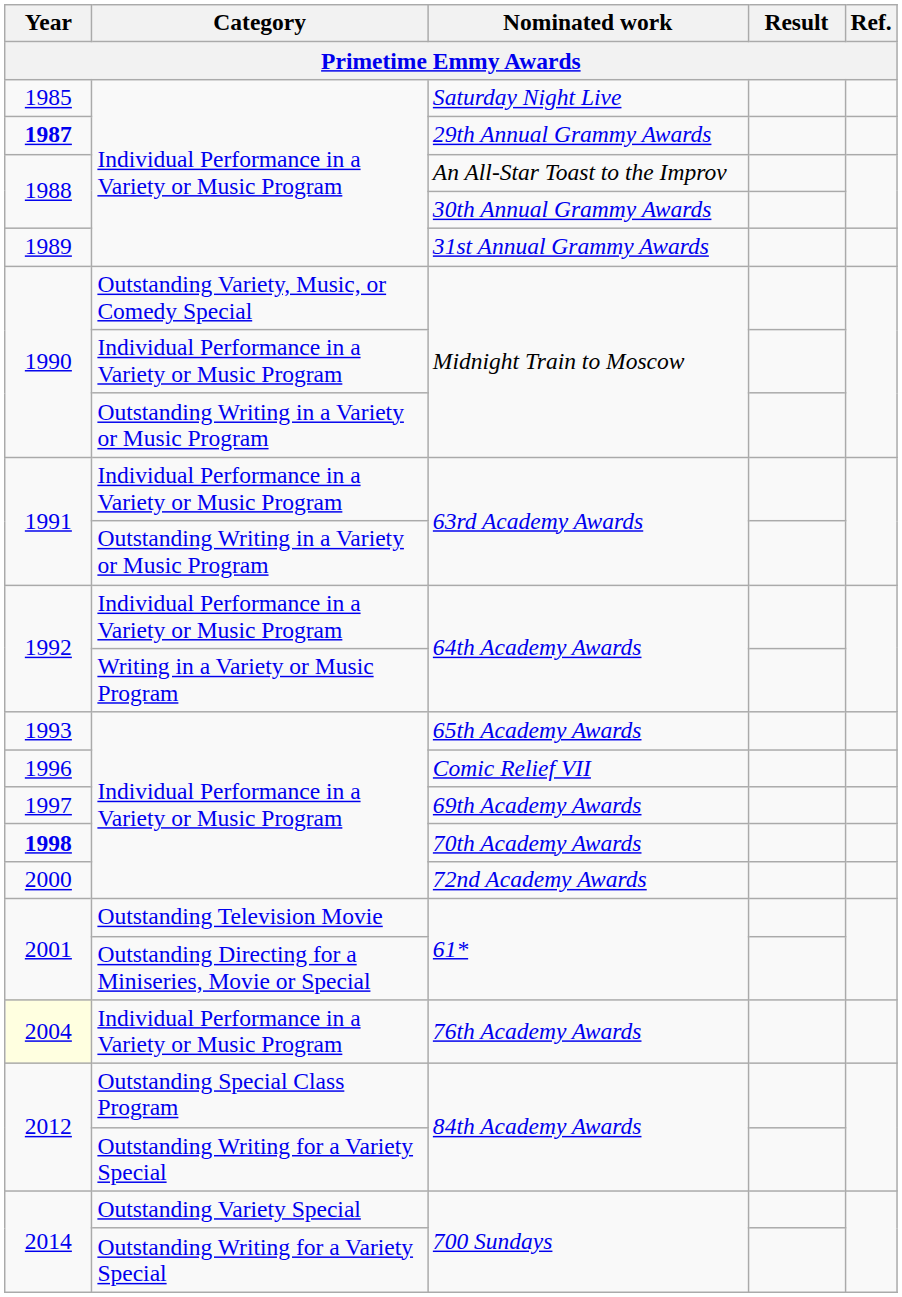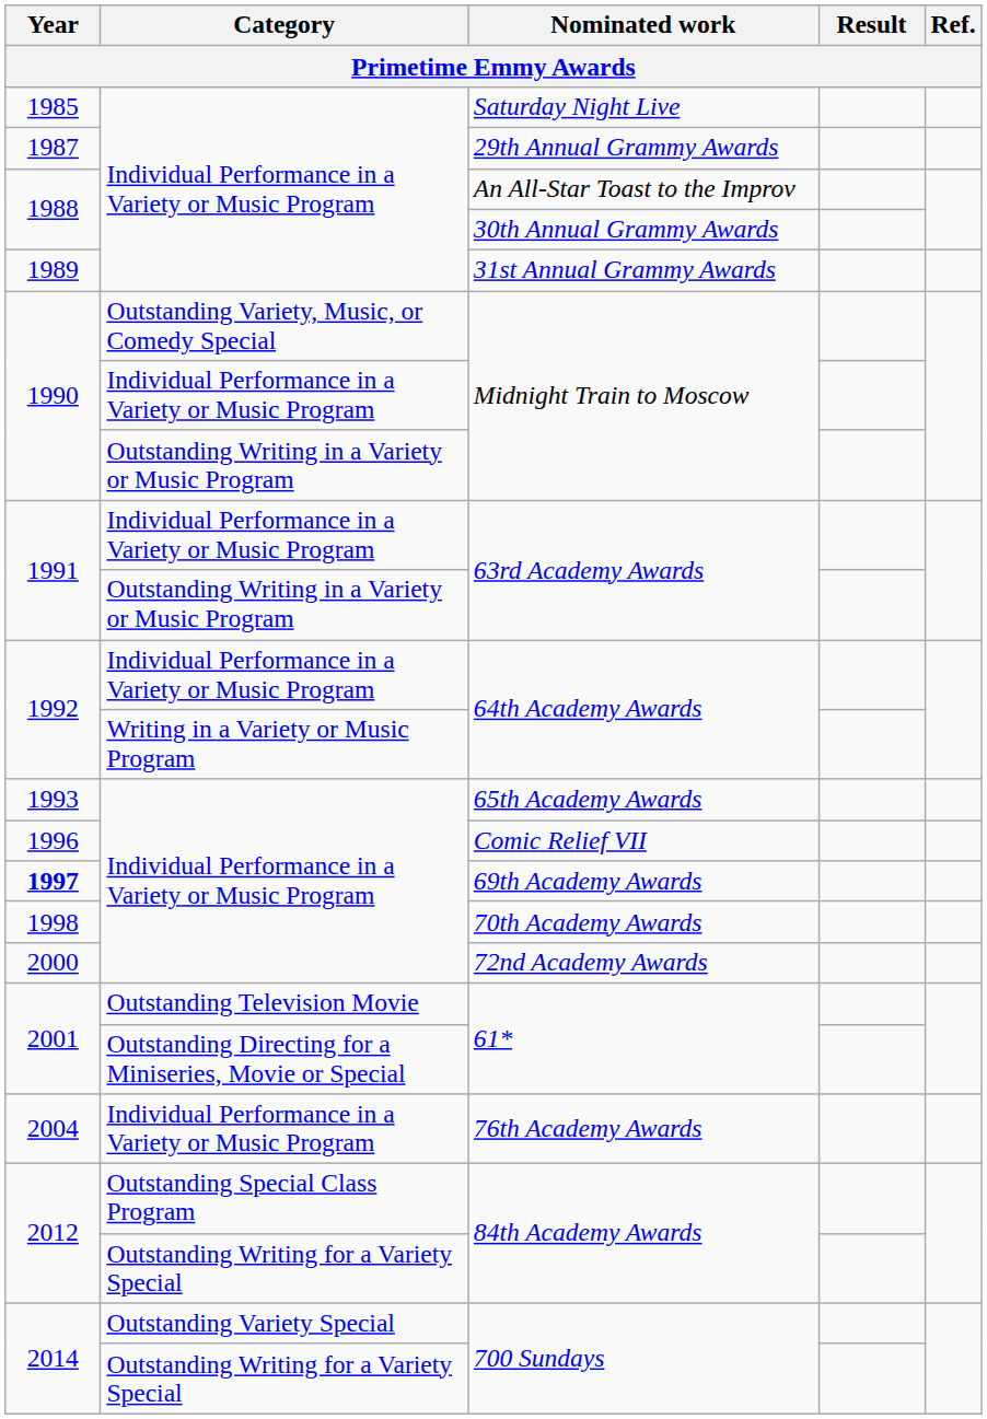 <table class=wikitable>
 <tr>
 <th scope="col" style="width:5em;">Year</th>
 <th scope="col" style="width:26em;">Category</th>
 <th scope="col" style="width:25em;">Nominated work</th>
 <th scope="col" style="width:5em;">Result</th>
 <th>Ref.</th>
 </tr>
 <tr>
 <th colspan=5><a href='#'>Primetime Emmy Awards</a></th>
 </tr>
 <tr>
 <td style="text-align:center;"><a href='#'>1985</a></td>
 <td rowspan=5><a href='#'>Individual Performance in a Variety or Music Program</a></td>
 <td><em><a href='#'>Saturday Night Live</a></em></td>
 <td></td>
 <td style="text-align:center;"></td>
 </tr>
 <tr>
-<td style="text-align:center;"><strong><a href='#'>1987</a></strong></td>
+<td style="text-align:center;"><a href='#'>1987</a></td>
 <td><em><a href='#'>29th Annual Grammy Awards</a></em></td>
 <td></td>
 <td style="text-align:center;"></td>
 </tr>
 <tr>
 <td style="text-align:center;", rowspan=2><a href='#'>1988</a></td>
 <td><em>An All-Star Toast to the Improv</em></td>
 <td></td>
 <td style="text-align:center;", rowspan=2></td>
 </tr>
 <tr>
 <td><em><a href='#'>30th Annual Grammy Awards</a></em></td>
 <td></td>
 </tr>
 <tr>
 <td style="text-align:center;"><a href='#'>1989</a></td>
 <td><em><a href='#'>31st Annual Grammy Awards</a></em></td>
 <td></td>
 <td style="text-align:center;"></td>
 </tr>
 <tr>
 <td style="text-align:center;", rowspan=3><a href='#'>1990</a></td>
 <td><a href='#'>Outstanding Variety, Music, or Comedy Special</a></td>
 <td rowspan=3><em>Midnight Train to Moscow</em></td>
 <td></td>
 <td style="text-align:center;", rowspan=3></td>
 </tr>
 <tr>
 <td><a href='#'>Individual Performance in a Variety or Music Program</a></td>
 <td></td>
 </tr>
 <tr>
 <td><a href='#'>Outstanding Writing in a Variety or Music Program</a></td>
 <td></td>
 </tr>
 <tr>
 <td style="text-align:center;", rowspan=2><a href='#'>1991</a></td>
 <td><a href='#'>Individual Performance in a Variety or Music Program</a></td>
 <td rowspan=2><em><a href='#'>63rd Academy Awards</a></em></td>
 <td></td>
 <td style="text-align:center;", rowspan=2></td>
 </tr>
 <tr>
 <td><a href='#'>Outstanding Writing in a Variety or Music Program</a></td>
 <td></td>
 </tr>
 <tr>
 <td style="text-align:center;", rowspan=2><a href='#'>1992</a></td>
 <td><a href='#'>Individual Performance in a Variety or Music Program</a></td>
 <td rowspan=2><em><a href='#'>64th Academy Awards</a></em></td>
 <td></td>
 <td style="text-align:center;", rowspan=2></td>
 </tr>
 <tr>
 <td><a href='#'>Writing in a Variety or Music Program</a></td>
 <td></td>
 </tr>
 <tr>
 <td style="text-align:center;"><a href='#'>1993</a></td>
 <td rowspan=5><a href='#'>Individual Performance in a Variety or Music Program</a></td>
 <td><em><a href='#'>65th Academy Awards</a></em></td>
 <td></td>
 <td style="text-align:center;"></td>
 </tr>
 <tr>
 <td style="text-align:center;"><a href='#'>1996</a></td>
 <td><em><a href='#'>Comic Relief VII</a></em></td>
 <td></td>
 <td style="text-align:center;"></td>
 </tr>
 <tr>
-<td style="text-align:center;"><a href='#'>1997</a></td>
+<td style="text-align:center;"><strong><a href='#'>1997</a></strong></td>
 <td><em><a href='#'>69th Academy Awards</a></em></td>
 <td></td>
 <td style="text-align:center;"></td>
 </tr>
 <tr>
-<td style="text-align:center;"><strong><a href='#'>1998</a></strong></td>
+<td style="text-align:center;"><a href='#'>1998</a></td>
 <td><em><a href='#'>70th Academy Awards</a></em></td>
 <td></td>
 <td style="text-align:center;"></td>
 </tr>
 <tr>
 <td style="text-align:center;"><a href='#'>2000</a></td>
 <td><em><a href='#'>72nd Academy Awards</a></em></td>
 <td></td>
 <td style="text-align:center;"></td>
 </tr>
 <tr>
 <td style="text-align:center;", rowspan=2><a href='#'>2001</a></td>
 <td><a href='#'>Outstanding Television Movie</a></td>
 <td rowspan=2><em><a href='#'>61*</a></em></td>
 <td></td>
 <td style="text-align:center;", rowspan=2></td>
 </tr>
 <tr>
 <td><a href='#'>Outstanding Directing for a Miniseries, Movie or Special</a></td>
 <td></td>
 </tr>
 <tr>
-<td style="background: lightyellow; text-align:center;"><a href='#'>2004</a></td>
+<td style="text-align:center;"><a href='#'>2004</a></td>
 <td><a href='#'>Individual Performance in a Variety or Music Program</a></td>
 <td><em><a href='#'>76th Academy Awards</a></em></td>
 <td></td>
 <td style="text-align:center;"></td>
 </tr>
 <tr>
 <td style="text-align:center;", rowspan=2><a href='#'>2012</a></td>
 <td><a href='#'>Outstanding Special Class Program</a></td>
 <td rowspan=2><em><a href='#'>84th Academy Awards</a></em></td>
 <td></td>
 <td style="text-align:center;", rowspan=2></td>
 </tr>
 <tr>
 <td><a href='#'>Outstanding Writing for a Variety Special</a></td>
 <td></td>
 </tr>
 <tr>
 <td style="text-align:center;", rowspan=2><a href='#'>2014</a></td>
 <td><a href='#'>Outstanding Variety Special</a></td>
 <td rowspan=2><em><a href='#'>700 Sundays</a></em></td>
 <td></td>
 <td style="text-align:center;", rowspan=2></td>
 </tr>
 <tr>
 <td><a href='#'>Outstanding Writing for a Variety Special</a></td>
 <td></td>
 </tr>
 <tr>
 </tr>
 </table>
